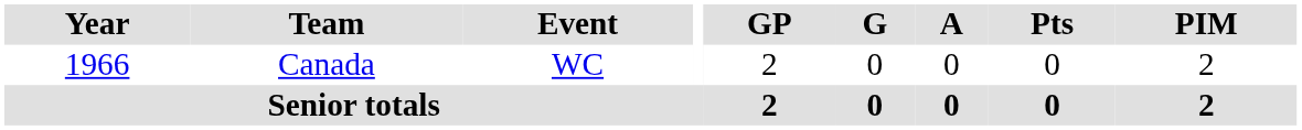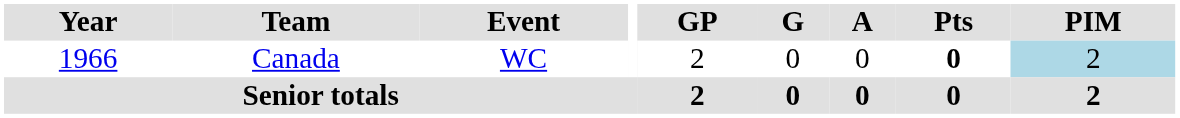 <table border="0" cellpadding="1" cellspacing="0" ID="Table3" style="text-align:center; width:40em">
 <tr bgcolor="#e0e0e0">
 <th>Year</th>
 <th>Team</th>
 <th>Event</th>
 <th rowspan="102" bgcolor="#ffffff"></th>
 <th>GP</th>
 <th>G</th>
 <th>A</th>
 <th>Pts</th>
 <th>PIM</th>
 </tr>
 <tr>
 <td><a href='#'>1966</a></td>
 <td><a href='#'>Canada</a></td>
 <td><a href='#'>WC</a></td>
 <td>2</td>
 <td>0</td>
 <td>0</td>
-<td>0</td>
-<td>2</td>
+<td><strong>0</strong></td>
+<td style="background: lightblue;">2</td>
 </tr>
 <tr bgcolor="#e0e0e0">
 <th colspan="4">Senior totals</th>
 <th>2</th>
 <th>0</th>
 <th>0</th>
 <th>0</th>
 <th>2</th>
 </tr>
 </table>
